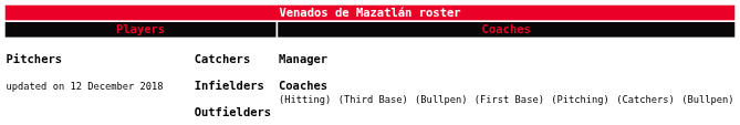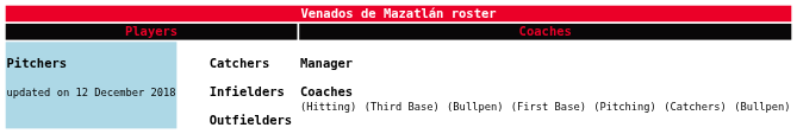 <table class="toccolours" style="font-size: 95%;">
 <tr>
 <th colspan="10" style="background-color: #EB0028; color:#FFFFFF; text-align: center;"><strong>Venados de Mazatlán roster</strong></th>
 </tr>
 <tr>
 <td colspan="4" style="background-color: #090708; color: #EB0028; text-align: center;"><strong>Players</strong></td>
 <td colspan="2" style="background-color: #090708; color: #EB0028; text-align: center;"><strong>Coaches</strong></td>
 </tr>
 <tr>
-<td style="vertical-align:top;text-align:left;"><br><strong>Pitchers</strong><br>            <br><small><span></span> updated on 12 December 2018</small></td>
+<td style="background: lightblue; vertical-align:top;text-align:left;"><br><strong>Pitchers</strong><br>            <br><small><span></span> updated on 12 December 2018</small></td>
 <td width="25px"></td>
 <td style="vertical-align:top;text-align:left;"><br><strong>Catchers</strong><br> <br><strong>Infielders</strong><br>         <br><strong>Outfielders</strong><br>     </td>
 <td style="vertical-align:top;text-align:left;"></td>
 <td style="vertical-align:top;text-align:left;"><br><strong>Manager</strong><br><br><strong>Coaches</strong><br> <small>(Hitting)</small>  <small>(Third Base)</small>  <small>(Bullpen)</small>  <small>(First Base)</small>  <small>(Pitching)</small>  <small>(Catchers)</small>  <small>(Bullpen)</small></td>
 </tr>
 </table>
